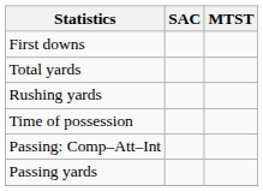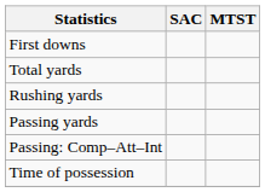 <table class="wikitable" style="float: left;">
 <tr>
 <th>Statistics</th>
 <th>SAC</th>
 <th>MTST</th>
 </tr>
 <tr>
 <td>First downs</td>
 <td></td>
 <td></td>
 </tr>
 <tr>
 <td>Total yards</td>
 <td></td>
 <td></td>
 </tr>
 <tr>
 <td>Rushing yards</td>
 <td></td>
 <td></td>
 </tr>
 <tr>
-<td>Time of possession</td>
+<td>Passing yards</td>
 <td></td>
 <td></td>
 </tr>
 <tr>
 <td>Passing: Comp–Att–Int</td>
 <td></td>
 <td></td>
 </tr>
 <tr>
-<td>Passing yards</td>
+<td>Time of possession</td>
 <td></td>
 <td></td>
 </tr>
 <tr>
 </tr>
 </table>
